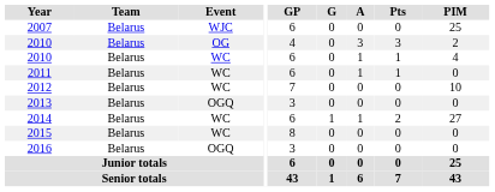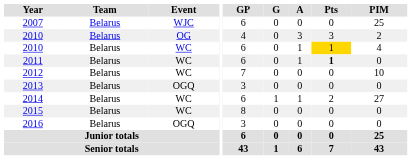 <table border="0" cellpadding="1" cellspacing="0" ID="Table3" style="text-align:center; width:40em">
 <tr ALIGN="center" bgcolor="#e0e0e0">
 <th>Year</th>
 <th>Team</th>
 <th>Event</th>
 <th rowspan="102" bgcolor="#ffffff"></th>
 <th>GP</th>
 <th>G</th>
 <th>A</th>
 <th>Pts</th>
 <th>PIM</th>
 </tr>
 <tr>
 <td><a href='#'>2007</a></td>
 <td><a href='#'>Belarus</a></td>
 <td><a href='#'>WJC</a></td>
 <td>6</td>
 <td>0</td>
 <td>0</td>
 <td>0</td>
 <td>25</td>
 </tr>
 <tr bgcolor="#f0f0f0">
 <td><a href='#'>2010</a></td>
 <td><a href='#'>Belarus</a></td>
 <td><a href='#'>OG</a></td>
 <td>4</td>
 <td>0</td>
 <td>3</td>
 <td>3</td>
 <td>2</td>
 </tr>
 <tr>
 <td><a href='#'>2010</a></td>
 <td>Belarus</td>
 <td><a href='#'>WC</a></td>
 <td>6</td>
 <td>0</td>
 <td>1</td>
-<td>1</td>
+<td style="background: gold;">1</td>
 <td>4</td>
 </tr>
 <tr bgcolor="#f0f0f0">
 <td><a href='#'>2011</a></td>
 <td>Belarus</td>
 <td>WC</td>
 <td>6</td>
 <td>0</td>
 <td>1</td>
-<td>1</td>
+<td><strong>1</strong></td>
 <td>0</td>
 </tr>
 <tr>
 <td><a href='#'>2012</a></td>
 <td>Belarus</td>
 <td>WC</td>
 <td>7</td>
 <td>0</td>
 <td>0</td>
 <td>0</td>
 <td>10</td>
 </tr>
 <tr bgcolor="#f0f0f0">
 <td><a href='#'>2013</a></td>
 <td>Belarus</td>
 <td>OGQ</td>
 <td>3</td>
 <td>0</td>
 <td>0</td>
 <td>0</td>
 <td>0</td>
 </tr>
 <tr>
 <td><a href='#'>2014</a></td>
 <td>Belarus</td>
 <td>WC</td>
 <td>6</td>
 <td>1</td>
 <td>1</td>
 <td>2</td>
 <td>27</td>
 </tr>
 <tr bgcolor="#f0f0f0">
 <td><a href='#'>2015</a></td>
 <td>Belarus</td>
 <td>WC</td>
 <td>8</td>
 <td>0</td>
 <td>0</td>
 <td>0</td>
 <td>0</td>
 </tr>
 <tr>
 <td><a href='#'>2016</a></td>
 <td>Belarus</td>
 <td>OGQ</td>
 <td>3</td>
 <td>0</td>
 <td>0</td>
 <td>0</td>
 <td>0</td>
 </tr>
 <tr bgcolor="#e0e0e0">
 <th colspan=3>Junior totals</th>
 <th>6</th>
 <th>0</th>
 <th>0</th>
 <th>0</th>
 <th>25</th>
 </tr>
 <tr bgcolor="#e0e0e0">
 <th colspan=3>Senior totals</th>
 <th>43</th>
 <th>1</th>
 <th>6</th>
 <th>7</th>
 <th>43</th>
 </tr>
 </table>
